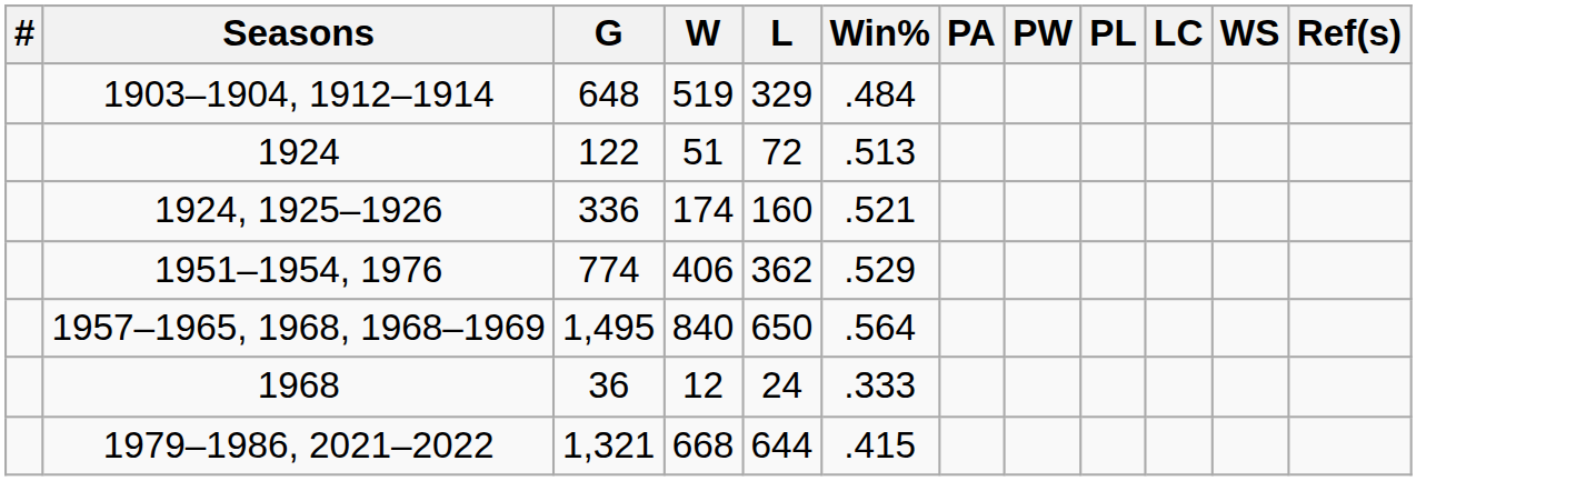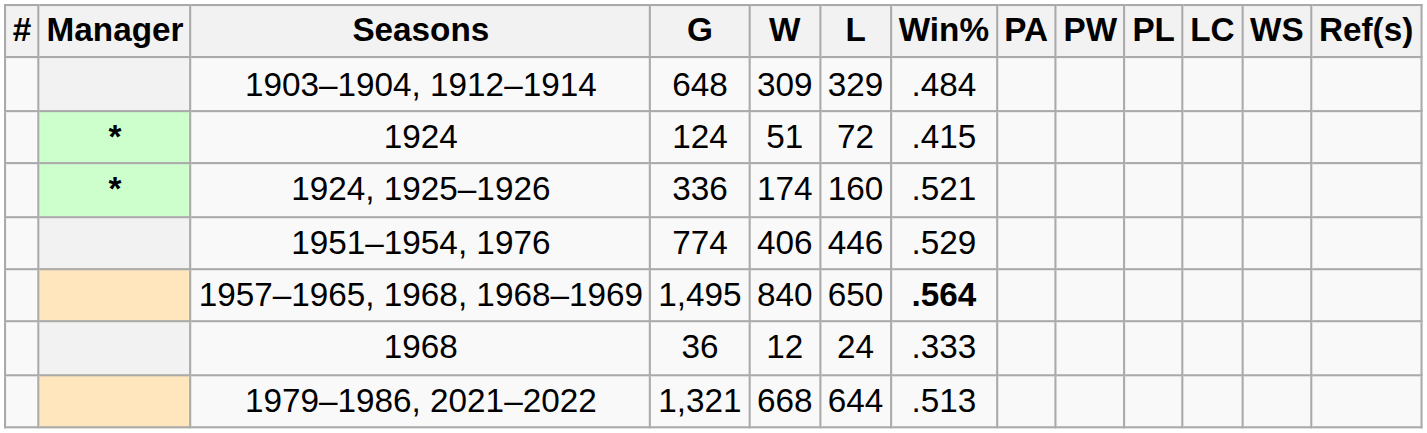 <table class="wikitable sortable plainrowheaders" style="text-align:center">
 <tr>
 <th scope="col">#</th>
+<th scope="col">Manager</th>
 <th scope="col">Seasons</th>
 <th scope="col">G</th>
 <th scope="col">W</th>
 <th scope="col">L</th>
 <th scope="col">Win%</th>
 <th scope="col">PA</th>
 <th scope="col">PW</th>
 <th scope="col">PL</th>
 <th scope="col">LC</th>
 <th scope="col">WS</th>
 <th scope="col" class="unsortable">Ref(s)</th>
 </tr>
 <tr>
 <td align="center"></td>
+<th scope="row" style="text-align: center;"></th>
 <td>1903–1904, 1912–1914</td>
 <td>648</td>
-<td>519</td>
+<td>309</td>
 <td>329</td>
 <td>.484</td>
 <td></td>
 <td></td>
 <td></td>
 <td></td>
 <td></td>
 <td></td>
 </tr>
 <tr>
 <td align="center"></td>
+<th scope="row" style="background-color:#CCFFCC; text-align: center;">*</th>
 <td>1924</td>
-<td>122</td>
+<td>124</td>
 <td>51</td>
 <td>72</td>
-<td>.513</td>
+<td>.415</td>
 <td></td>
 <td></td>
 <td></td>
 <td></td>
 <td></td>
 <td></td>
 </tr>
 <tr>
 <td align="center"></td>
+<th scope="row" style="background-color:#CCFFCC; text-align: center;">*</th>
 <td>1924, 1925–1926</td>
 <td>336</td>
 <td>174</td>
 <td>160</td>
 <td>.521</td>
 <td></td>
 <td></td>
 <td></td>
 <td></td>
 <td></td>
 <td></td>
 </tr>
 <tr>
 <td align="center"></td>
+<th scope="row" style="text-align: center;"></th>
 <td>1951–1954, 1976</td>
 <td>774</td>
 <td>406</td>
-<td>362</td>
+<td>446</td>
 <td>.529</td>
 <td></td>
 <td></td>
 <td></td>
 <td></td>
 <td></td>
 <td></td>
 </tr>
 <tr>
 <td align="center"></td>
+<th scope="row" style="background-color:#FFE6BD; text-align: center;"><sup></sup></th>
 <td>1957–1965, 1968, 1968–1969</td>
 <td>1,495</td>
 <td>840</td>
 <td>650</td>
-<td>.564</td>
+<td><strong>.564</strong></td>
 <td></td>
 <td></td>
 <td></td>
 <td></td>
 <td></td>
 <td></td>
 </tr>
 <tr>
 <td align="center"></td>
+<th scope="row" style="text-align: center;"></th>
 <td>1968</td>
 <td>36</td>
 <td>12</td>
 <td>24</td>
 <td>.333</td>
 <td></td>
 <td></td>
 <td></td>
 <td></td>
 <td></td>
 <td></td>
 </tr>
 <tr>
 <td align="center"></td>
+<th scope="row" style="background-color:#FFE6BD; text-align: center;"><sup></sup></th>
 <td>1979–1986, 2021–2022</td>
 <td>1,321</td>
 <td>668</td>
 <td>644</td>
-<td>.415</td>
+<td>.513</td>
 <td></td>
 <td></td>
 <td></td>
 <td></td>
 <td></td>
 <td></td>
 </tr>
 </table>
